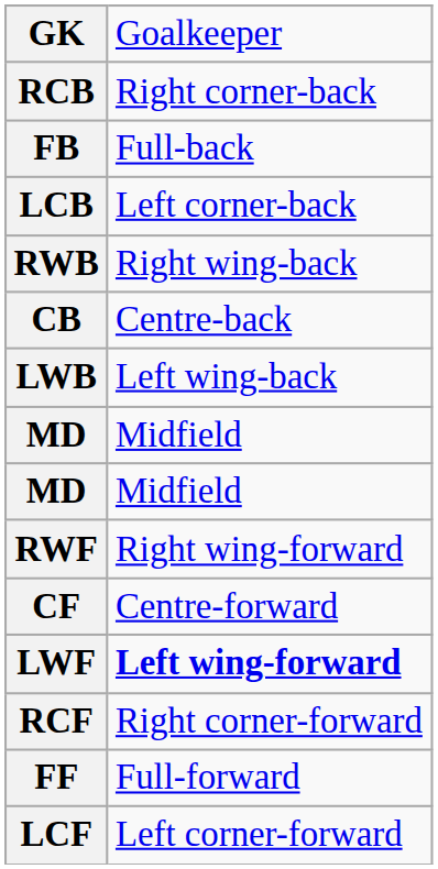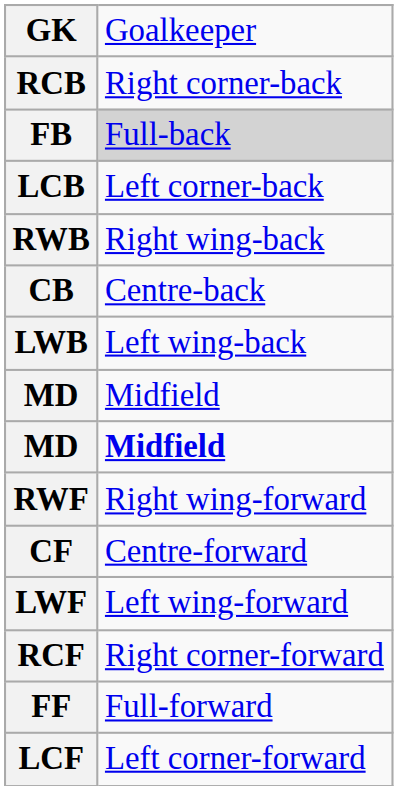 <table class="wikitable">
 <tr>
 <th>GK</th>
 <td><a href='#'>Goalkeeper</a></td>
 </tr>
 <tr>
 <th>RCB</th>
 <td><a href='#'>Right corner-back</a></td>
 </tr>
 <tr>
 <th>FB</th>
-<td><a href='#'>Full-back</a></td>
+<td style="background: lightgrey;"><a href='#'>Full-back</a></td>
 </tr>
 <tr>
 <th>LCB</th>
 <td><a href='#'>Left corner-back</a></td>
 </tr>
 <tr>
 <th>RWB</th>
 <td><a href='#'>Right wing-back</a></td>
 </tr>
 <tr>
 <th>CB</th>
 <td><a href='#'>Centre-back</a></td>
 </tr>
 <tr>
 <th>LWB</th>
 <td><a href='#'>Left wing-back</a></td>
 </tr>
 <tr>
 <th>MD</th>
 <td><a href='#'>Midfield</a></td>
 </tr>
 <tr>
 <th>MD</th>
-<td><a href='#'>Midfield</a></td>
+<td><strong><a href='#'>Midfield</a></strong></td>
 </tr>
 <tr>
 <th>RWF</th>
 <td><a href='#'>Right wing-forward</a></td>
 </tr>
 <tr>
 <th>CF</th>
 <td><a href='#'>Centre-forward</a></td>
 </tr>
 <tr>
 <th>LWF</th>
-<td><strong><a href='#'>Left wing-forward</a></strong></td>
+<td><a href='#'>Left wing-forward</a></td>
 </tr>
 <tr>
 <th>RCF</th>
 <td><a href='#'>Right corner-forward</a></td>
 </tr>
 <tr>
 <th>FF</th>
 <td><a href='#'>Full-forward</a></td>
 </tr>
 <tr>
 <th>LCF</th>
 <td><a href='#'>Left corner-forward</a></td>
 </tr>
 </table>
